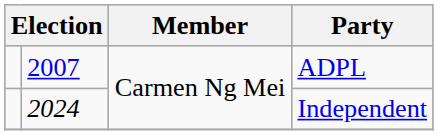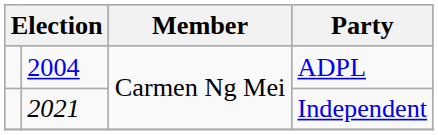 <table class="wikitable">
 <tr>
 <th colspan="2">Election</th>
 <th>Member</th>
 <th>Party</th>
 </tr>
 <tr>
 <td style="background-color: "></td>
-<td><a href='#'>2007</a></td>
+<td><a href='#'>2004</a></td>
 <td rowspan=2>Carmen Ng Mei</td>
 <td><a href='#'>ADPL</a></td>
 </tr>
 <tr>
 <td style="background-color: "></td>
-<td><em>2024</em></td>
+<td><em>2021</em></td>
 <td><a href='#'>Independent</a></td>
 </tr>
 <tr>
 </tr>
 </table>
